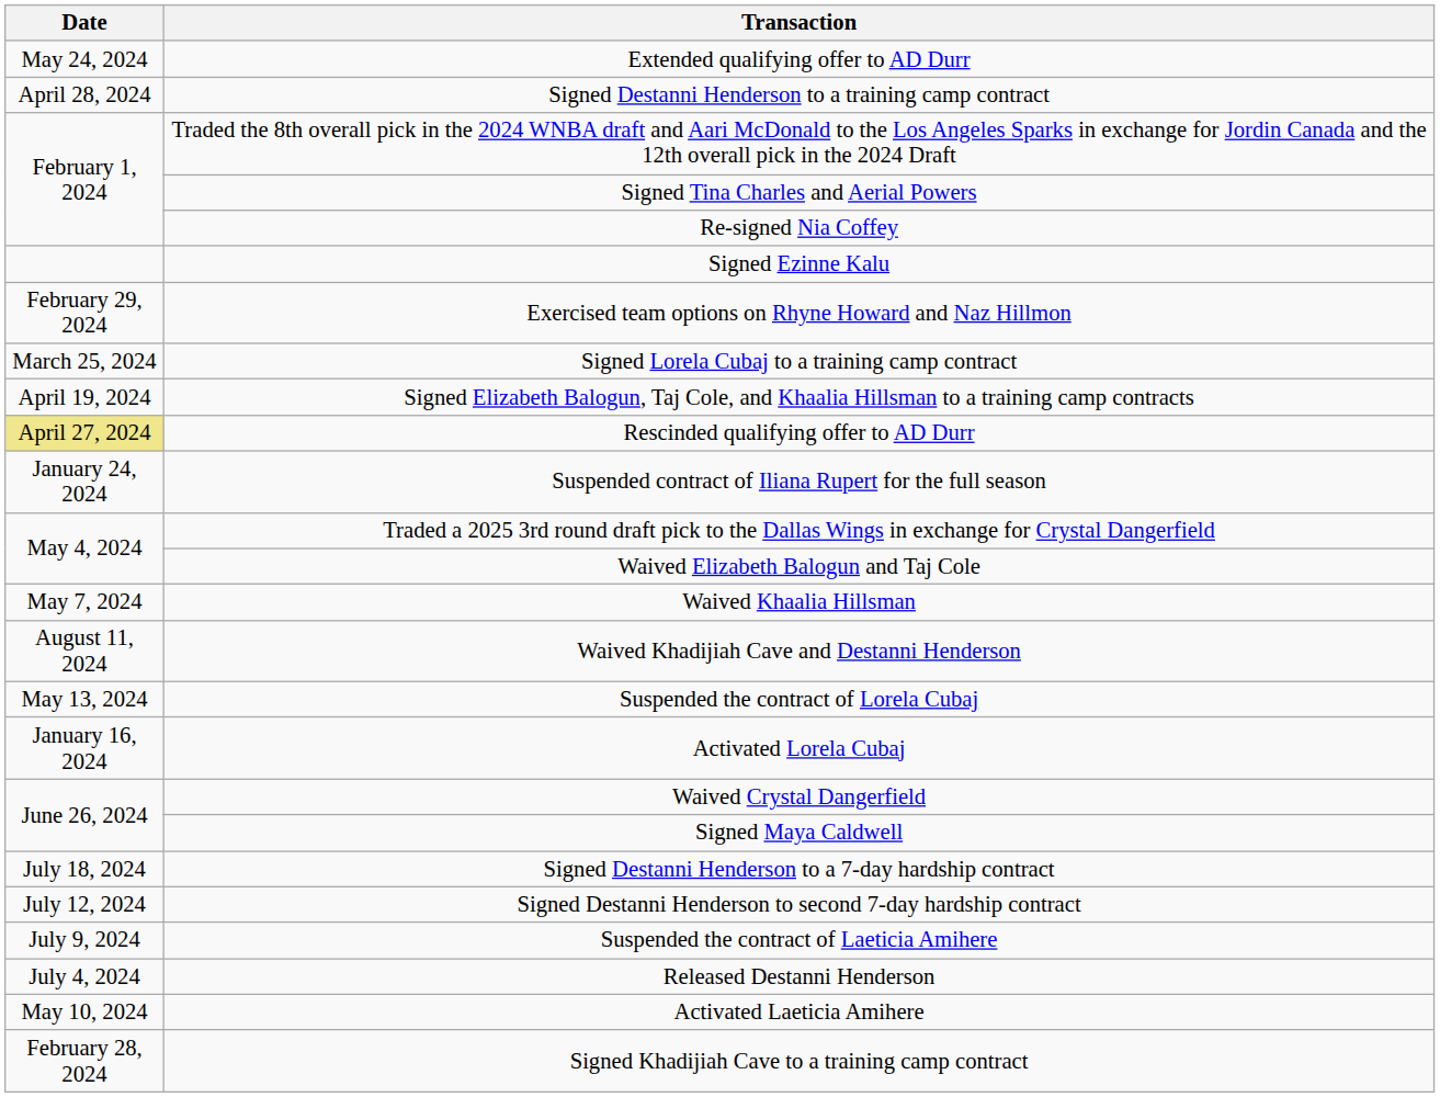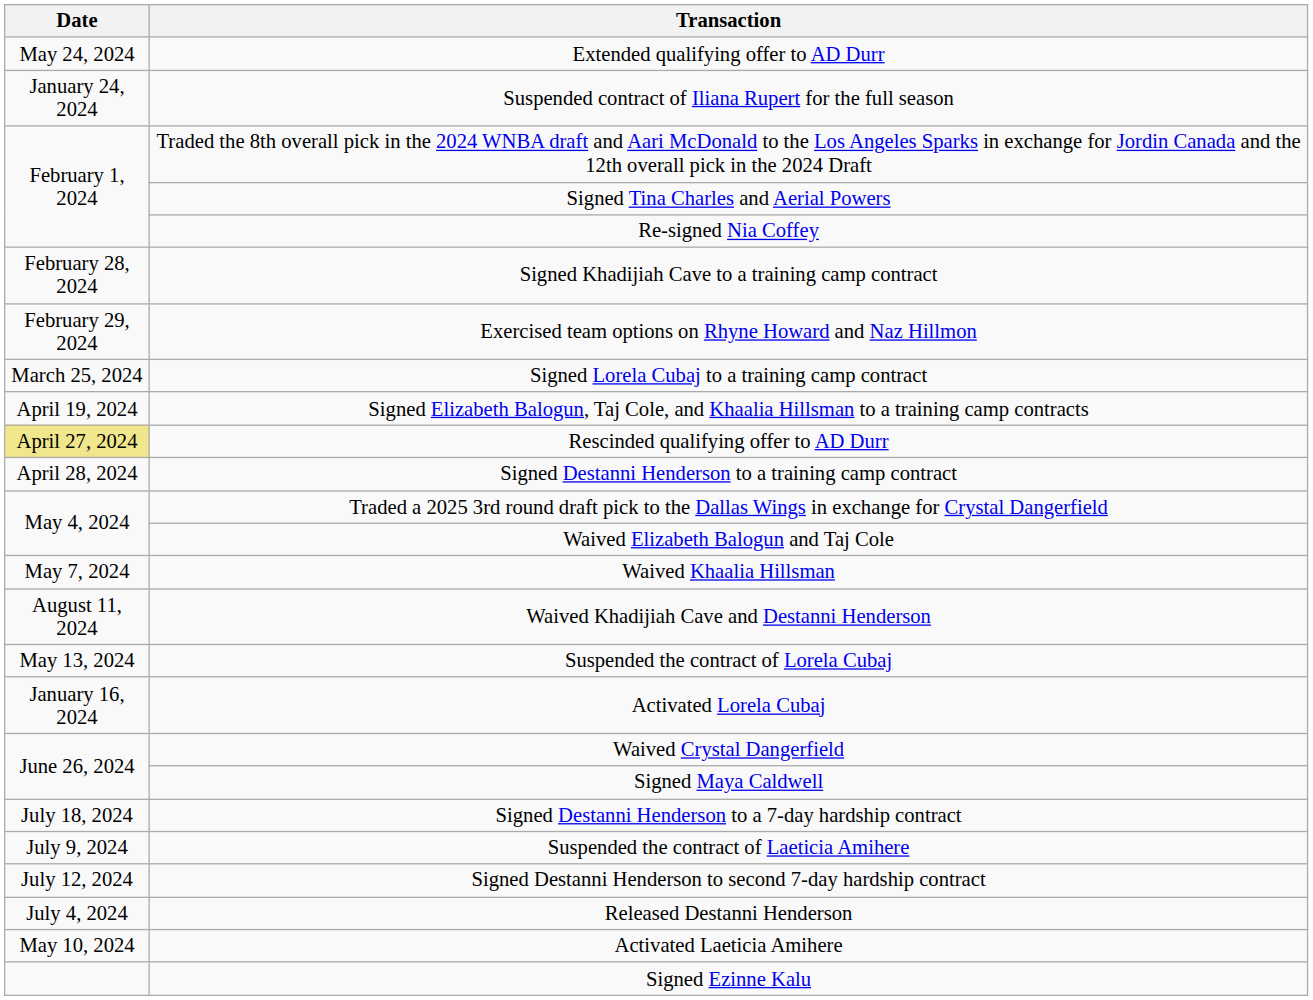 <table class="wikitable" style="width:80%; text-align:center;">
 <tr>
 <th>Date</th>
 <th>Transaction</th>
 </tr>
 <tr>
 <td>May 24, 2024</td>
 <td>Extended qualifying offer to <a href='#'>AD Durr</a></td>
 </tr>
 <tr>
-<td>April 28, 2024</td>
-<td>Signed <a href='#'>Destanni Henderson</a> to a training camp contract</td>
+<td>January 24, 2024</td>
+<td>Suspended contract of <a href='#'>Iliana Rupert</a> for the full season </td>
 </tr>
 <tr>
 <td rowspan=3>February 1, 2024</td>
 <td>Traded the 8th overall pick in the <a href='#'>2024 WNBA draft</a> and <a href='#'>Aari McDonald</a> to the <a href='#'>Los Angeles Sparks</a> in exchange for <a href='#'>Jordin Canada</a> and the 12th overall pick in the 2024 Draft</td>
 </tr>
 <tr>
 <td>Signed <a href='#'>Tina Charles</a> and <a href='#'>Aerial Powers</a></td>
 </tr>
 <tr>
 <td>Re-signed <a href='#'>Nia Coffey</a></td>
 </tr>
 <tr>
-<td></td>
-<td>Signed <a href='#'>Ezinne Kalu</a></td>
+<td>February 28, 2024</td>
+<td>Signed Khadijiah Cave to a training camp contract</td>
 </tr>
 <tr>
 <td>February 29, 2024</td>
 <td>Exercised team options on <a href='#'>Rhyne Howard</a> and <a href='#'>Naz Hillmon</a></td>
 </tr>
 <tr>
 <td>March 25, 2024</td>
 <td>Signed <a href='#'>Lorela Cubaj</a> to a training camp contract</td>
 </tr>
 <tr>
 <td>April 19, 2024</td>
 <td>Signed <a href='#'>Elizabeth Balogun</a>, Taj Cole, and <a href='#'>Khaalia Hillsman</a> to a training camp contracts</td>
 </tr>
 <tr>
 <td style="background: khaki;">April 27, 2024</td>
 <td>Rescinded qualifying offer to <a href='#'>AD Durr</a></td>
 </tr>
 <tr>
-<td>January 24, 2024</td>
-<td>Suspended contract of <a href='#'>Iliana Rupert</a> for the full season </td>
+<td>April 28, 2024</td>
+<td>Signed <a href='#'>Destanni Henderson</a> to a training camp contract</td>
 </tr>
 <tr>
 <td rowspan=2>May 4, 2024</td>
 <td>Traded a 2025 3rd round draft pick to the <a href='#'>Dallas Wings</a> in exchange for <a href='#'>Crystal Dangerfield</a></td>
 </tr>
 <tr>
 <td>Waived <a href='#'>Elizabeth Balogun</a> and Taj Cole</td>
 </tr>
 <tr>
 <td>May 7, 2024</td>
 <td>Waived <a href='#'>Khaalia Hillsman</a></td>
 </tr>
 <tr>
 <td>August 11, 2024</td>
 <td>Waived Khadijiah Cave and <a href='#'>Destanni Henderson</a></td>
 </tr>
 <tr>
 <td>May 13, 2024</td>
 <td>Suspended the contract of <a href='#'>Lorela Cubaj</a> </td>
 </tr>
 <tr>
 <td>January 16, 2024</td>
 <td>Activated <a href='#'>Lorela Cubaj</a></td>
 </tr>
 <tr>
 <td rowspan=2>June 26, 2024</td>
 <td>Waived <a href='#'>Crystal Dangerfield</a></td>
 </tr>
 <tr>
 <td>Signed <a href='#'>Maya Caldwell</a></td>
 </tr>
 <tr>
 <td>July 18, 2024</td>
 <td>Signed <a href='#'>Destanni Henderson</a> to a 7-day hardship contract</td>
 </tr>
 <tr>
+<td>July 9, 2024</td>
+<td>Suspended the contract of <a href='#'>Laeticia Amihere</a> </td>
+</tr>
+<tr>
 <td>July 12, 2024</td>
 <td>Signed Destanni Henderson to second 7-day hardship contract</td>
-</tr>
-<tr>
-<td>July 9, 2024</td>
-<td>Suspended the contract of <a href='#'>Laeticia Amihere</a> </td>
 </tr>
 <tr>
 <td>July 4, 2024</td>
 <td>Released Destanni Henderson</td>
 </tr>
 <tr>
 <td>May 10, 2024</td>
 <td>Activated Laeticia Amihere</td>
 </tr>
 <tr>
-<td>February 28, 2024</td>
-<td>Signed Khadijiah Cave to a training camp contract</td>
+<td></td>
+<td>Signed <a href='#'>Ezinne Kalu</a></td>
 </tr>
 </table>
